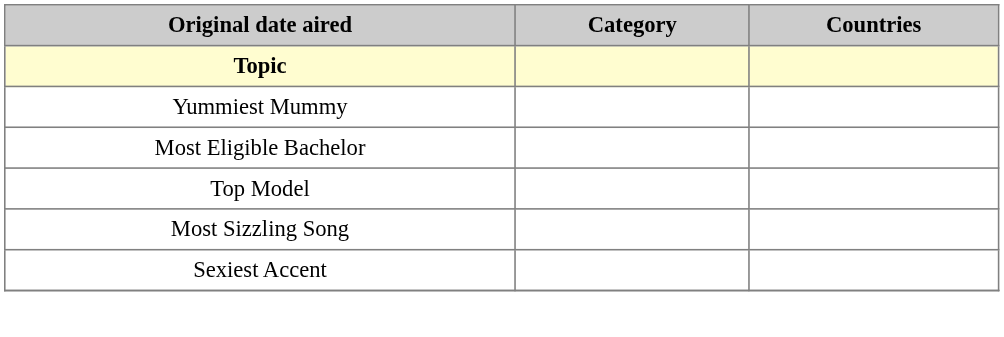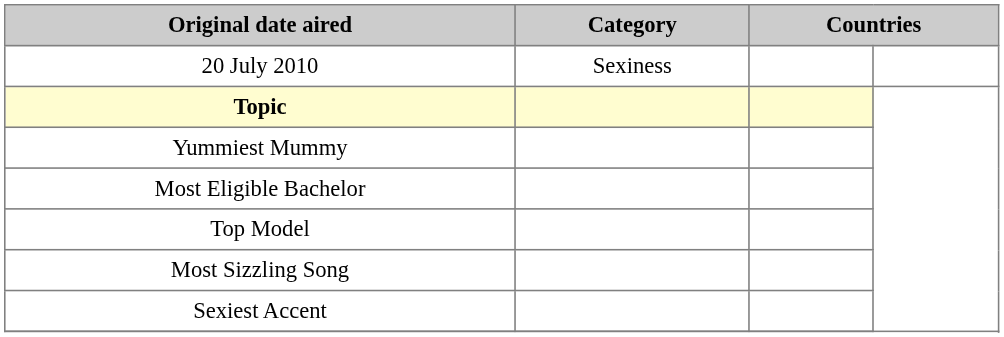 <table border="1" cellpadding="4" cellspacing="0" style="text-align:center; font-size:90%; border-collapse:collapse;" width=40%>
 <tr style="background:#ccc;">
 <th>Original date aired</th>
 <th>Category</th>
 <th colspan=2>Countries</th>
+</tr>
+<tr>
+<td>20 July 2010</td>
+<td>Sexiness</td>
+<td></td>
+<td></td>
 </tr>
 <tr style="background:#FFFDD0;">
 <th>Topic</th>
 <th></th>
 <th></th>
 </tr>
 <tr>
 <td>Yummiest Mummy</td>
 <td></td>
 <td></td>
 </tr>
 <tr>
 <td>Most Eligible Bachelor</td>
 <td></td>
 <td></td>
 </tr>
 <tr>
 <td>Top Model</td>
 <td></td>
 <td></td>
 </tr>
 <tr>
 <td>Most Sizzling Song</td>
 <td></td>
 <td></td>
 </tr>
 <tr>
 <td>Sexiest Accent</td>
 <td></td>
 <td></td>
 </tr>
 <tr>
 </tr>
 </table>
